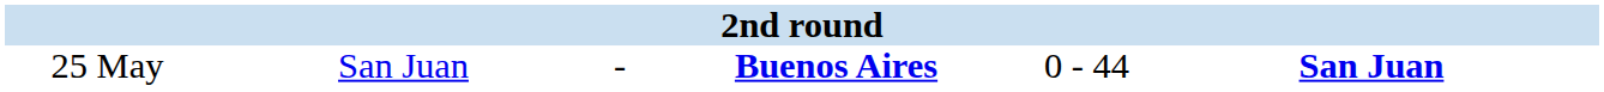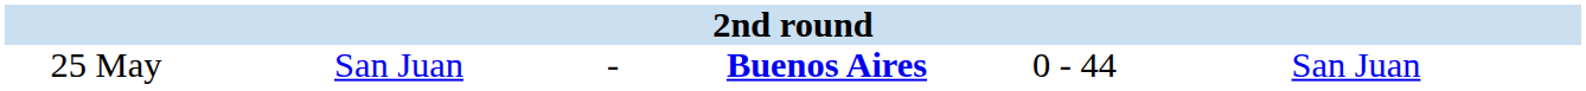 <table border=0 cellspacing=0 cellpadding=0 style="border-collapse: collapse;" width=700>
 <tr bgcolor="#CADFF0">
 <td style="font-size:100%"; align="center" colspan="6"><strong>2nd round</strong></td>
 </tr>
 <tr align=center bgcolor=#FFFFFF>
 <td width=90>25 May</td>
 <td width=170><a href='#'>San Juan</a></td>
 <td width=20>-</td>
 <td width=170><strong><a href='#'>Buenos Aires</a></strong></td>
 <td width=50>0 - 44</td>
-<td width=200><strong><a href='#'>San Juan</a></strong></td>
+<td width=200><a href='#'>San Juan</a></td>
 </tr>
 </table>
